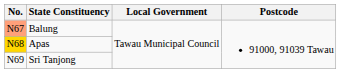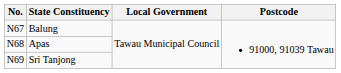 <table class="wikitable">
 <tr>
 <th>No.</th>
 <th>State Constituency</th>
 <th>Local Government</th>
 <th>Postcode</th>
 </tr>
 <tr>
-<td style="background: lightsalmon;">N67</td>
+<td>N67</td>
 <td>Balung</td>
 <td rowspan="3">Tawau Municipal Council</td>
 <td rowspan="3"><br><ul><li>91000, 91039 Tawau</li></ul></td>
 </tr>
 <tr>
-<td style="background: gold;">N68</td>
+<td>N68</td>
 <td>Apas</td>
 </tr>
 <tr>
 <td>N69</td>
 <td>Sri Tanjong</td>
 </tr>
 </table>
